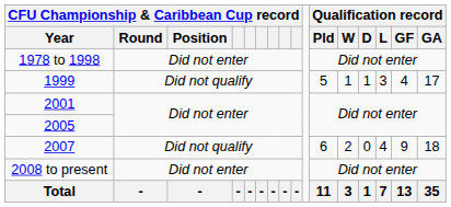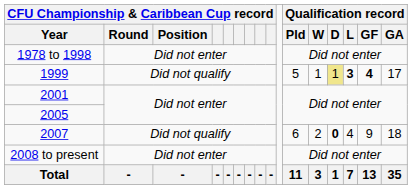 <table class="wikitable" style="text-align: center;">
 <tr>
 <th colspan=9><a href='#'>CFU Championship</a> & <a href='#'>Caribbean Cup</a> record</th>
 <td rowspan=9></td>
 <th colspan=6>Qualification record</th>
 </tr>
 <tr>
 <th>Year</th>
 <th>Round</th>
 <th>Position</th>
 <th></th>
 <th></th>
 <th></th>
 <th></th>
 <th></th>
 <th></th>
 <th>Pld</th>
 <th>W</th>
 <th>D</th>
 <th>L</th>
 <th>GF</th>
 <th>GA</th>
 </tr>
 <tr>
 <td> <a href='#'>1978</a> to   <a href='#'>1998</a></td>
 <td colspan=8><em>Did not enter</em></td>
 <td colspan=6><em>Did not enter</em></td>
 </tr>
 <tr>
 <td> <a href='#'>1999</a></td>
 <td colspan=8><em>Did not qualify</em></td>
 <td>5</td>
 <td>1</td>
-<td>1</td>
-<td>3</td>
-<td>4</td>
+<td style="background: khaki;">1</td>
+<td><strong>3</strong></td>
+<td><strong>4</strong></td>
 <td>17</td>
 </tr>
 <tr>
 <td> <a href='#'>2001</a></td>
 <td colspan=8 rowspan=2><em>Did not enter</em></td>
 <td colspan=6 rowspan=2><em>Did not enter</em></td>
 </tr>
 <tr>
 <td> <a href='#'>2005</a></td>
 </tr>
 <tr>
 <td> <a href='#'>2007</a></td>
 <td colspan=8><em>Did not qualify</em></td>
 <td>6</td>
 <td>2</td>
-<td>0</td>
+<td><strong>0</strong></td>
 <td>4</td>
 <td>9</td>
 <td>18</td>
 </tr>
 <tr>
 <td> <a href='#'>2008</a> to present</td>
 <td colspan=8><em>Did not enter</em></td>
 <td colspan=6><em>Did not enter</em></td>
 </tr>
 <tr>
 <th>Total</th>
 <th>-</th>
 <th>-</th>
 <th>-</th>
 <th>-</th>
 <th>-</th>
 <th>-</th>
 <th>-</th>
 <th>-</th>
 <th>11</th>
 <th>3</th>
 <th>1</th>
 <th>7</th>
 <th>13</th>
 <th>35</th>
 </tr>
 </table>
